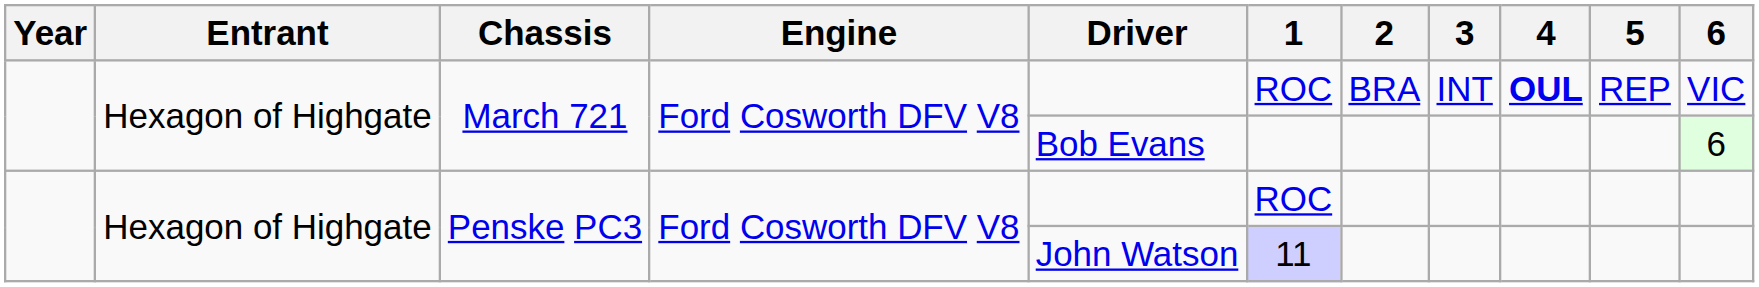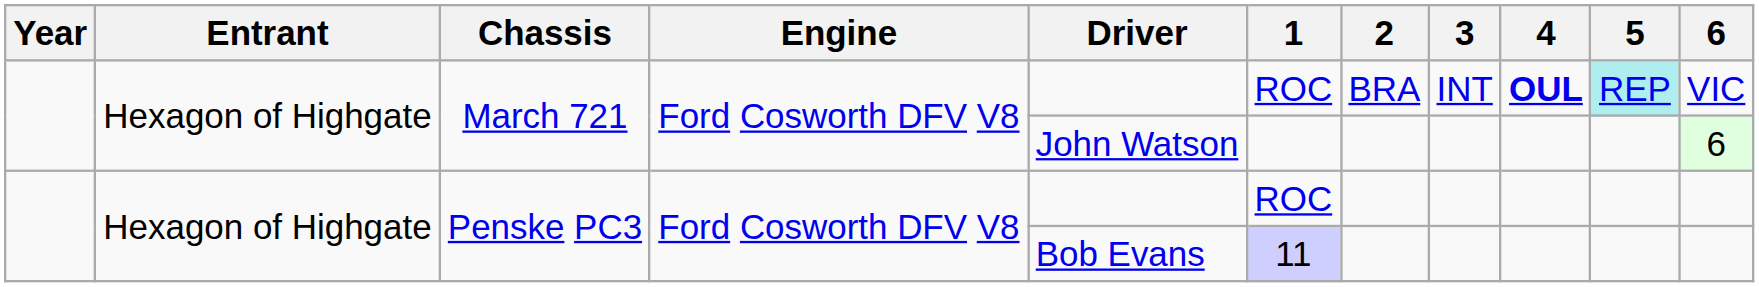 <table class="wikitable" style="text-align:center; font-size:95%">
 <tr>
 <th>Year</th>
 <th>Entrant</th>
 <th>Chassis</th>
 <th>Engine</th>
 <th>Driver</th>
 <th>1</th>
 <th>2</th>
 <th>3</th>
 <th>4</th>
 <th>5</th>
 <th>6</th>
 </tr>
 <tr>
 <td rowspan="2"></td>
 <td rowspan="2">Hexagon of Highgate</td>
 <td rowspan="2"><a href='#'>March 721</a></td>
 <td rowspan="2"><a href='#'>Ford</a> <a href='#'>Cosworth DFV</a> <a href='#'>V8</a></td>
 <td></td>
 <td><a href='#'>ROC</a></td>
 <td><a href='#'>BRA</a></td>
 <td><a href='#'>INT</a></td>
 <td><strong><a href='#'>OUL</a></strong></td>
-<td><a href='#'>REP</a></td>
+<td style="background: paleturquoise;"><a href='#'>REP</a></td>
 <td><a href='#'>VIC</a></td>
 </tr>
 <tr>
-<td align="left"> <a href='#'>Bob Evans</a></td>
+<td align="left"> <a href='#'>John Watson</a></td>
 <td></td>
 <td></td>
 <td></td>
 <td></td>
 <td></td>
 <td style="background:#DFFFDF;">6</td>
 </tr>
 <tr>
 <td rowspan="2"></td>
 <td rowspan="2">Hexagon of Highgate</td>
 <td rowspan="2"><a href='#'>Penske</a> <a href='#'>PC3</a></td>
 <td rowspan="2"><a href='#'>Ford</a> <a href='#'>Cosworth DFV</a> <a href='#'>V8</a></td>
 <td></td>
 <td><a href='#'>ROC</a></td>
 <td></td>
 <td></td>
 <td></td>
 <td></td>
 <td></td>
 </tr>
 <tr>
-<td align="left"> <a href='#'>John Watson</a></td>
+<td align="left"> <a href='#'>Bob Evans</a></td>
 <td style="background:#CFCFFF;">11</td>
 <td></td>
 <td></td>
 <td></td>
 <td></td>
 <td></td>
 </tr>
 </table>
